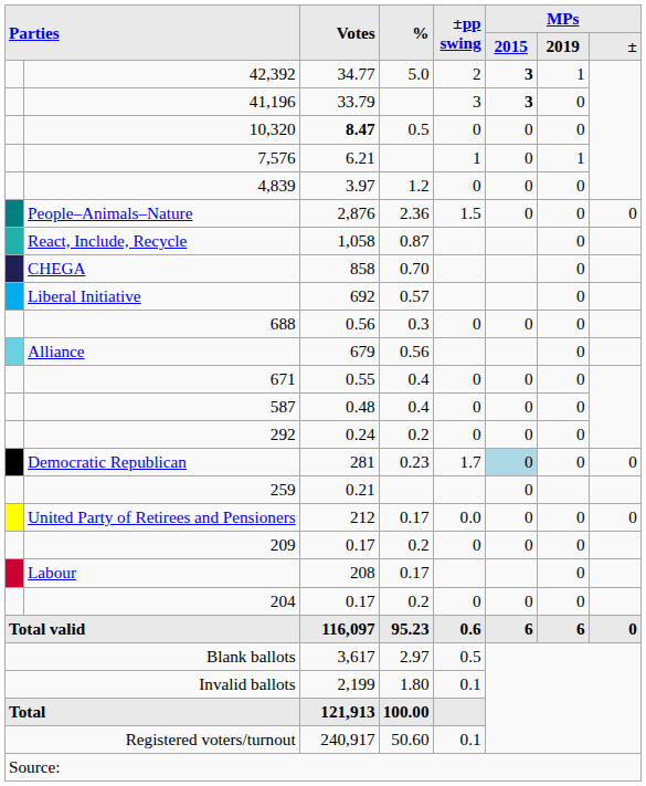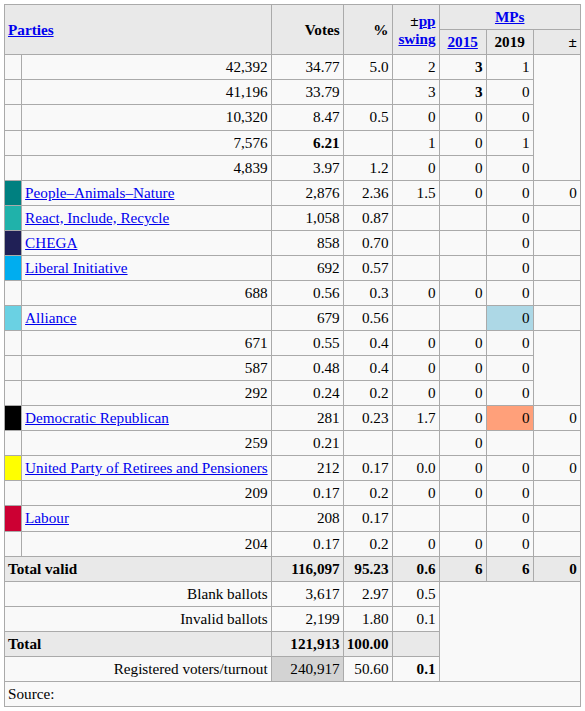 <table class="wikitable" style="text-align:right; font-size:95%;">
 <tr>
 <th rowspan="2" colspan="2" style="background:#e9e9e9; text-align:left;" alignleft><a href='#'>Parties</a></th>
 <th rowspan="2" style="background:#e9e9e9; text-align:right;">Votes</th>
 <th rowspan="2" style="background:#e9e9e9; text-align:right;">%</th>
 <th rowspan="2" style="background:#e9e9e9; text-align:right;">±<a href='#'>pp</a> <a href='#'>swing</a></th>
 <th colspan="3" style="background:#e9e9e9; text-align:center;"><a href='#'>MPs</a></th>
 </tr>
 <tr style="background-color:#E9E9E9">
 <th style="background-color:#E9E9E9;text-align:center;"><a href='#'>2015</a></th>
 <th style="background-color:#E9E9E9;text-align:center;">2019</th>
 <th style="background:#e9e9e9; text-align:right;">±</th>
 </tr>
 <tr>
 <td></td>
 <td>42,392</td>
 <td>34.77</td>
 <td>5.0</td>
 <td>2</td>
 <td><strong>3</strong></td>
 <td>1</td>
 </tr>
 <tr>
 <td></td>
 <td>41,196</td>
 <td>33.79</td>
 <td></td>
 <td>3</td>
 <td><strong>3</strong></td>
 <td>0</td>
 </tr>
 <tr>
 <td></td>
 <td>10,320</td>
-<td><strong>8.47</strong></td>
+<td>8.47</td>
 <td>0.5</td>
 <td>0</td>
 <td>0</td>
 <td>0</td>
 </tr>
 <tr>
 <td></td>
 <td>7,576</td>
-<td>6.21</td>
+<td><strong>6.21</strong></td>
 <td></td>
 <td>1</td>
 <td>0</td>
 <td>1</td>
 </tr>
 <tr>
 <td></td>
 <td>4,839</td>
 <td>3.97</td>
 <td>1.2</td>
 <td>0</td>
 <td>0</td>
 <td>0</td>
 </tr>
 <tr>
 <td style="width: 10px" bgcolor="teal" align="center"></td>
 <td align="left"><a href='#'>People–Animals–Nature</a></td>
 <td>2,876</td>
 <td>2.36</td>
 <td>1.5</td>
 <td>0</td>
 <td>0</td>
 <td>0</td>
 </tr>
 <tr>
 <td style="width: 10px" bgcolor=LightSeaGreen align="center"></td>
 <td align=left><a href='#'>React, Include, Recycle</a></td>
 <td>1,058</td>
 <td>0.87</td>
 <td></td>
 <td></td>
 <td>0</td>
 <td></td>
 </tr>
 <tr>
 <td style="width: 10px" bgcolor="#202056" align="center"></td>
 <td align="left"><a href='#'>CHEGA</a></td>
 <td>858</td>
 <td>0.70</td>
 <td></td>
 <td></td>
 <td>0</td>
 <td></td>
 </tr>
 <tr>
 <td style="width: 10px" bgcolor="#00ADEF" align="center"></td>
 <td align="left"><a href='#'>Liberal Initiative</a></td>
 <td>692</td>
 <td>0.57</td>
 <td></td>
 <td></td>
 <td>0</td>
 <td></td>
 </tr>
 <tr>
 <td></td>
 <td>688</td>
 <td>0.56</td>
 <td>0.3</td>
 <td>0</td>
 <td>0</td>
 <td>0</td>
 </tr>
 <tr>
 <td style="width: 10px" bgcolor="#6AD1E3" align="center"></td>
 <td align="left"><a href='#'>Alliance</a></td>
 <td>679</td>
 <td>0.56</td>
 <td></td>
 <td></td>
-<td>0</td>
+<td style="background: lightblue;">0</td>
 <td></td>
 </tr>
 <tr>
 <td></td>
 <td>671</td>
 <td>0.55</td>
 <td>0.4</td>
 <td>0</td>
 <td>0</td>
 <td>0</td>
 </tr>
 <tr>
 <td></td>
 <td>587</td>
 <td>0.48</td>
 <td>0.4</td>
 <td>0</td>
 <td>0</td>
 <td>0</td>
 </tr>
 <tr>
 <td></td>
 <td>292</td>
 <td>0.24</td>
 <td>0.2</td>
 <td>0</td>
 <td>0</td>
 <td>0</td>
 </tr>
 <tr>
 <td style="width: 10px" bgcolor=black align="center"></td>
 <td align=left><a href='#'>Democratic Republican</a></td>
 <td>281</td>
 <td>0.23</td>
 <td>1.7</td>
-<td style="background: lightblue;">0</td>
 <td>0</td>
+<td style="background: lightsalmon;">0</td>
 <td>0</td>
 </tr>
 <tr>
 <td></td>
 <td>259</td>
 <td>0.21</td>
 <td></td>
 <td></td>
 <td>0</td>
 <td></td>
 </tr>
 <tr>
 <td style="width: 10px" bgcolor=yellow align="center"></td>
 <td align=left><a href='#'>United Party of Retirees and Pensioners</a></td>
 <td>212</td>
 <td>0.17</td>
 <td>0.0</td>
 <td>0</td>
 <td>0</td>
 <td>0</td>
 </tr>
 <tr>
 <td></td>
 <td>209</td>
 <td>0.17</td>
 <td>0.2</td>
 <td>0</td>
 <td>0</td>
 <td>0</td>
 </tr>
 <tr>
 <td style="width: 10px" bgcolor=#CC0033 align="center"></td>
 <td align=left><a href='#'>Labour</a></td>
 <td>208</td>
 <td>0.17</td>
 <td></td>
 <td></td>
 <td>0</td>
 <td></td>
 </tr>
 <tr>
 <td></td>
 <td>204</td>
 <td>0.17</td>
 <td>0.2</td>
 <td>0</td>
 <td>0</td>
 <td>0</td>
 </tr>
 <tr>
 <td colspan=2 align=left style="background-color:#E9E9E9"><strong>Total valid</strong></td>
 <td width="65" align="right" style="background-color:#E9E9E9"><strong>116,097</strong></td>
 <td width="40" align="right" style="background-color:#E9E9E9"><strong>95.23</strong></td>
 <td width="40" align="right" style="background-color:#E9E9E9"><strong>0.6</strong></td>
 <td width="40" align="right" style="background-color:#E9E9E9"><strong>6</strong></td>
 <td width="40" align="right" style="background-color:#E9E9E9"><strong>6</strong></td>
 <td width="40" align="right" style="background-color:#E9E9E9"><strong>0</strong></td>
 </tr>
 <tr>
 <td colspan=2>Blank ballots</td>
 <td>3,617</td>
 <td>2.97</td>
 <td>0.5</td>
 <td colspan=4 rowspan=4></td>
 </tr>
 <tr>
 <td colspan=2>Invalid ballots</td>
 <td>2,199</td>
 <td>1.80</td>
 <td>0.1</td>
 </tr>
 <tr>
 <td colspan=2 width="259" align=left style="background-color:#E9E9E9"><strong>Total</strong></td>
 <td width="50" align="right" style="background-color:#E9E9E9"><strong>121,913</strong></td>
 <td width="40" align="right" style="background-color:#E9E9E9"><strong>100.00</strong></td>
 <td width="40" align="right" style="background-color:#E9E9E9"></td>
 </tr>
 <tr>
 <td colspan=2>Registered voters/turnout</td>
-<td>240,917</td>
+<td style="background: lightgrey;">240,917</td>
 <td>50.60</td>
-<td>0.1</td>
+<td><strong>0.1</strong></td>
 </tr>
 <tr>
 <td colspan=11 align=left>Source: </td>
 </tr>
 </table>
